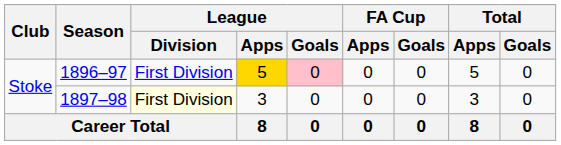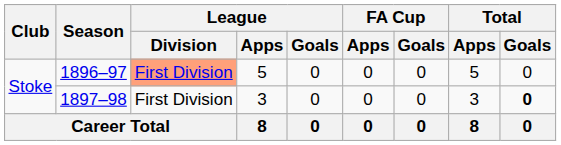 <table class="wikitable" style="text-align: center;">
 <tr>
 <th rowspan="2">Club</th>
 <th rowspan="2">Season</th>
 <th colspan="3">League</th>
 <th colspan="2">FA Cup</th>
 <th colspan="2">Total</th>
 </tr>
 <tr>
 <th>Division</th>
 <th>Apps</th>
 <th>Goals</th>
 <th>Apps</th>
 <th>Goals</th>
 <th>Apps</th>
 <th>Goals</th>
 </tr>
 <tr>
 <td rowspan="2"><a href='#'>Stoke</a></td>
 <td><a href='#'>1896–97</a></td>
-<td><a href='#'>First Division</a></td>
-<td style="background: gold;">5</td>
-<td style="background: pink;">0</td>
+<td style="background: lightsalmon;"><a href='#'>First Division</a></td>
+<td>5</td>
+<td>0</td>
 <td>0</td>
 <td>0</td>
 <td>5</td>
 <td>0</td>
 </tr>
 <tr>
 <td><a href='#'>1897–98</a></td>
-<td style="background: lightyellow;">First Division</td>
+<td>First Division</td>
 <td>3</td>
 <td>0</td>
 <td>0</td>
 <td>0</td>
 <td>3</td>
-<td>0</td>
+<td><strong>0</strong></td>
 </tr>
 <tr>
 <th colspan="3">Career Total</th>
 <th>8</th>
 <th>0</th>
 <th>0</th>
 <th>0</th>
 <th>8</th>
 <th>0</th>
 </tr>
 </table>
